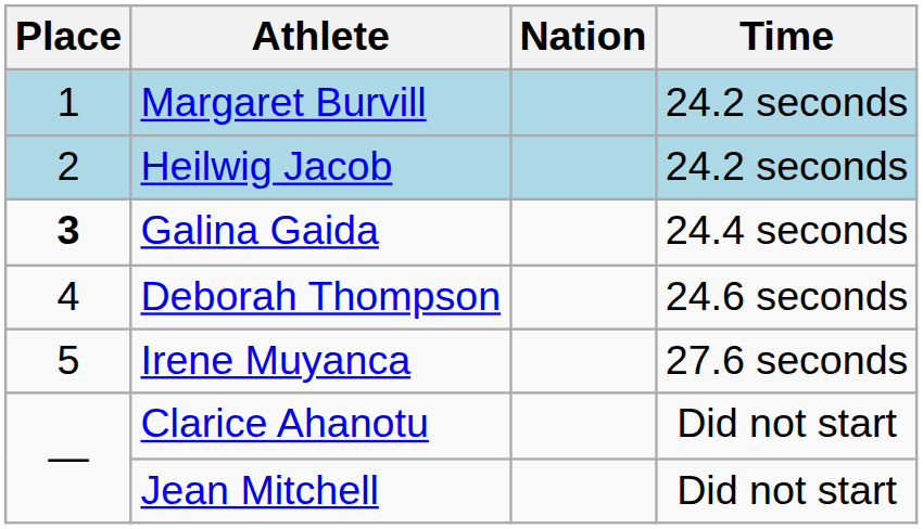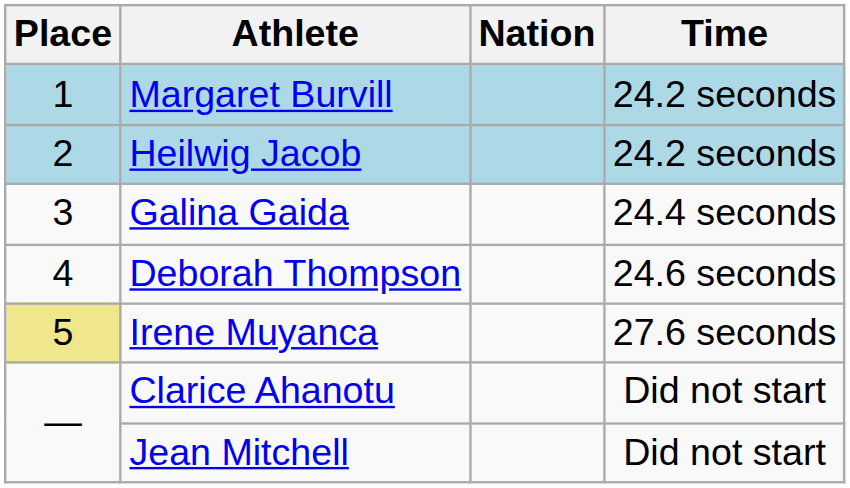 <table class=wikitable>
 <tr>
 <th>Place</th>
 <th>Athlete</th>
 <th>Nation</th>
 <th>Time</th>
 </tr>
 <tr align=center bgcolor=lightblue>
 <td>1</td>
 <td align=left><a href='#'>Margaret Burvill</a></td>
 <td align=left></td>
 <td>24.2 seconds</td>
 </tr>
 <tr align=center bgcolor=lightblue>
 <td>2</td>
 <td align=left><a href='#'>Heilwig Jacob</a></td>
 <td align=left></td>
 <td>24.2 seconds</td>
 </tr>
 <tr align=center>
-<td><strong>3</strong></td>
+<td>3</td>
 <td align=left><a href='#'>Galina Gaida</a></td>
 <td align=left></td>
 <td>24.4 seconds</td>
 </tr>
 <tr align=center>
 <td>4</td>
 <td align=left><a href='#'>Deborah Thompson</a></td>
 <td align=left></td>
 <td>24.6 seconds</td>
 </tr>
 <tr align=center>
-<td>5</td>
+<td style="background: khaki;">5</td>
 <td align=left><a href='#'>Irene Muyanca</a></td>
 <td align=left></td>
 <td>27.6 seconds</td>
 </tr>
 <tr align=center>
 <td rowspan=2>—</td>
 <td align=left><a href='#'>Clarice Ahanotu</a></td>
 <td align=left></td>
 <td>Did not start</td>
 </tr>
 <tr align=center>
 <td align=left><a href='#'>Jean Mitchell</a></td>
 <td align=left></td>
 <td>Did not start</td>
 </tr>
 </table>
